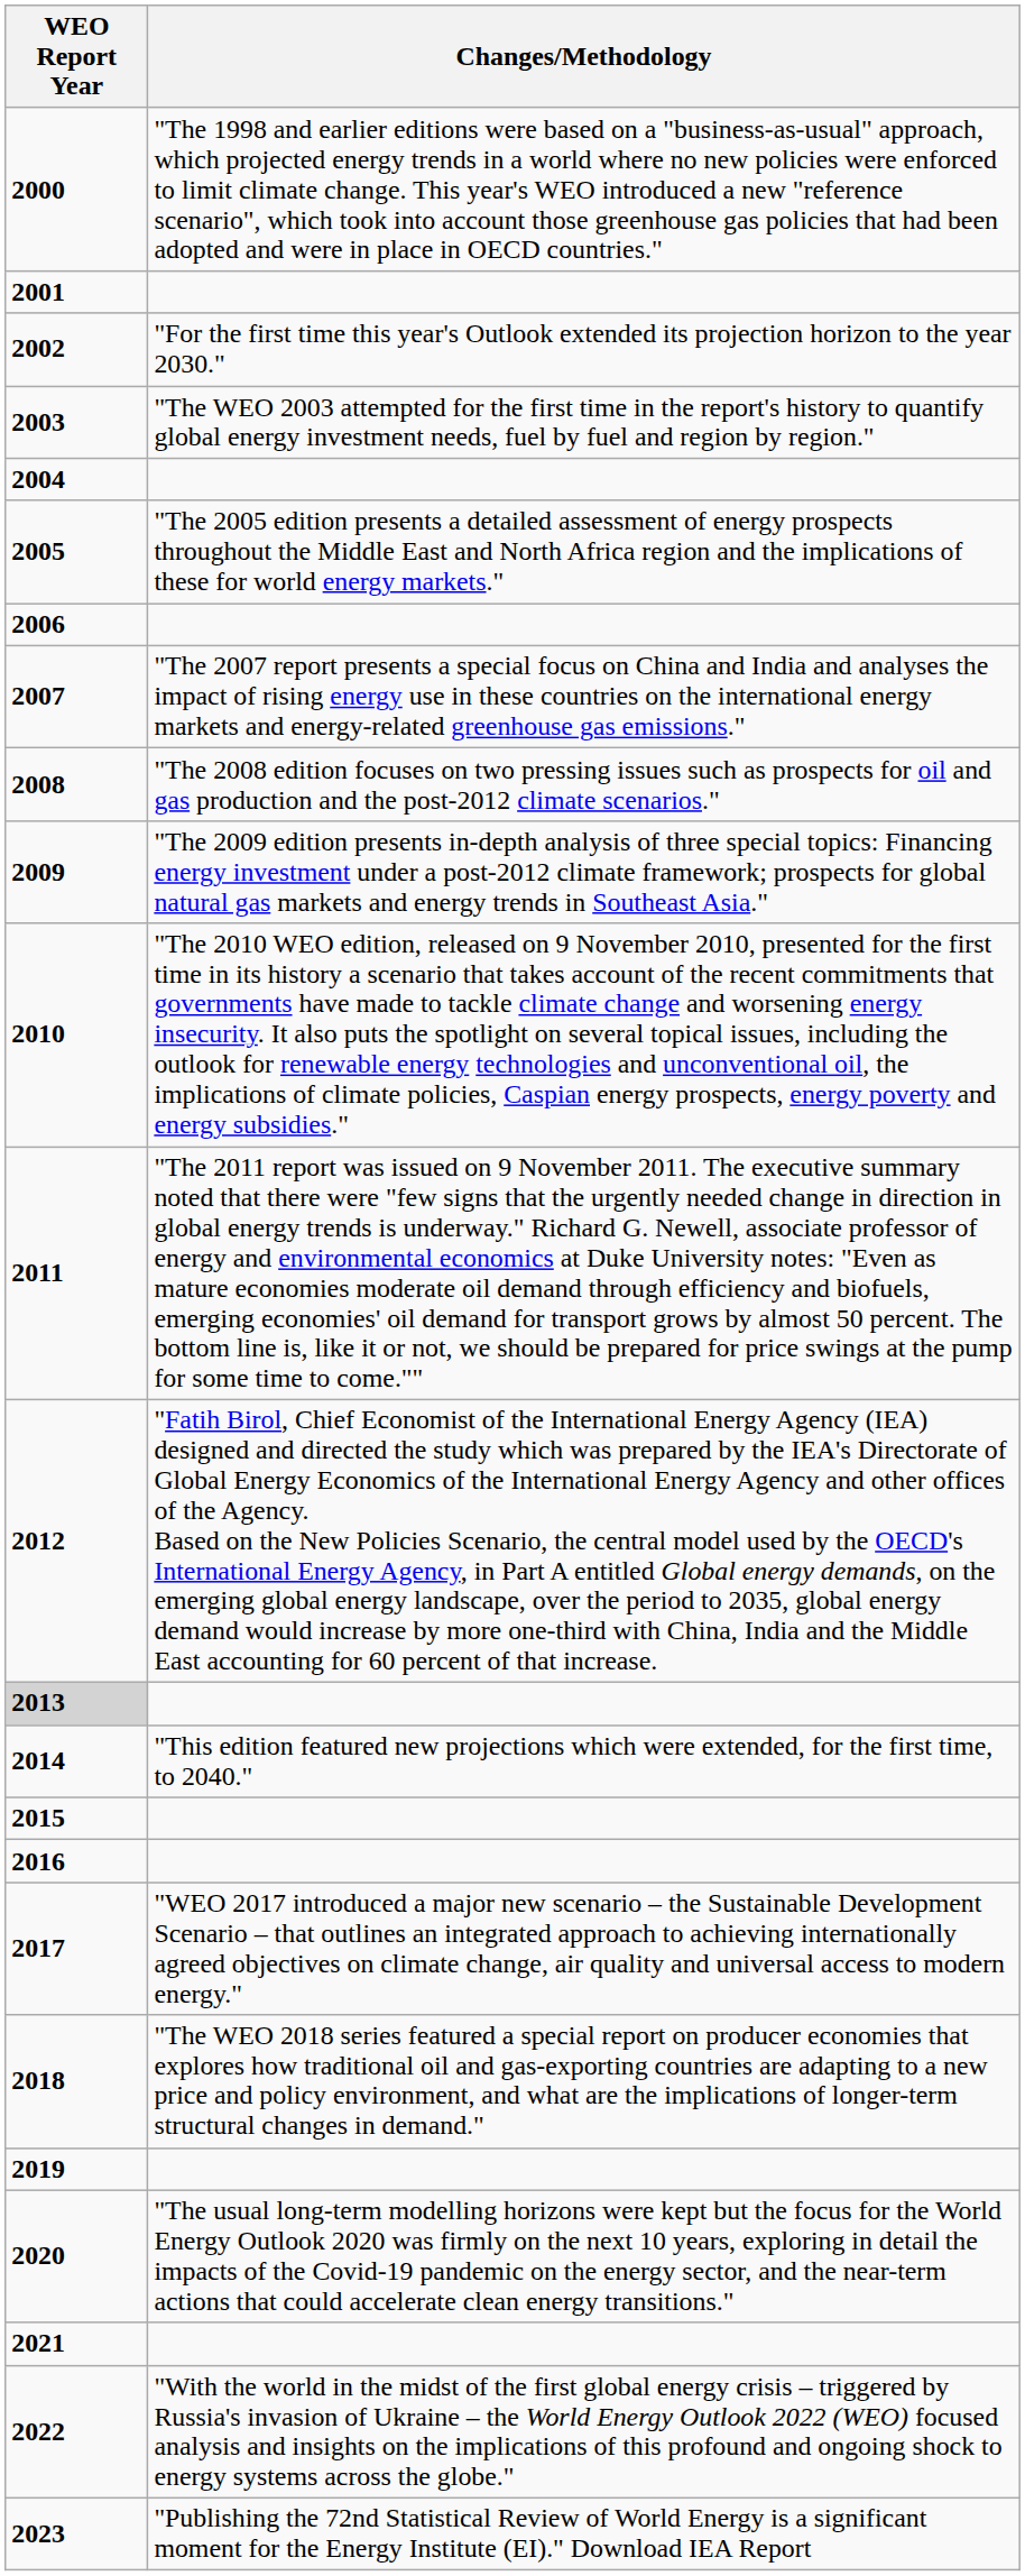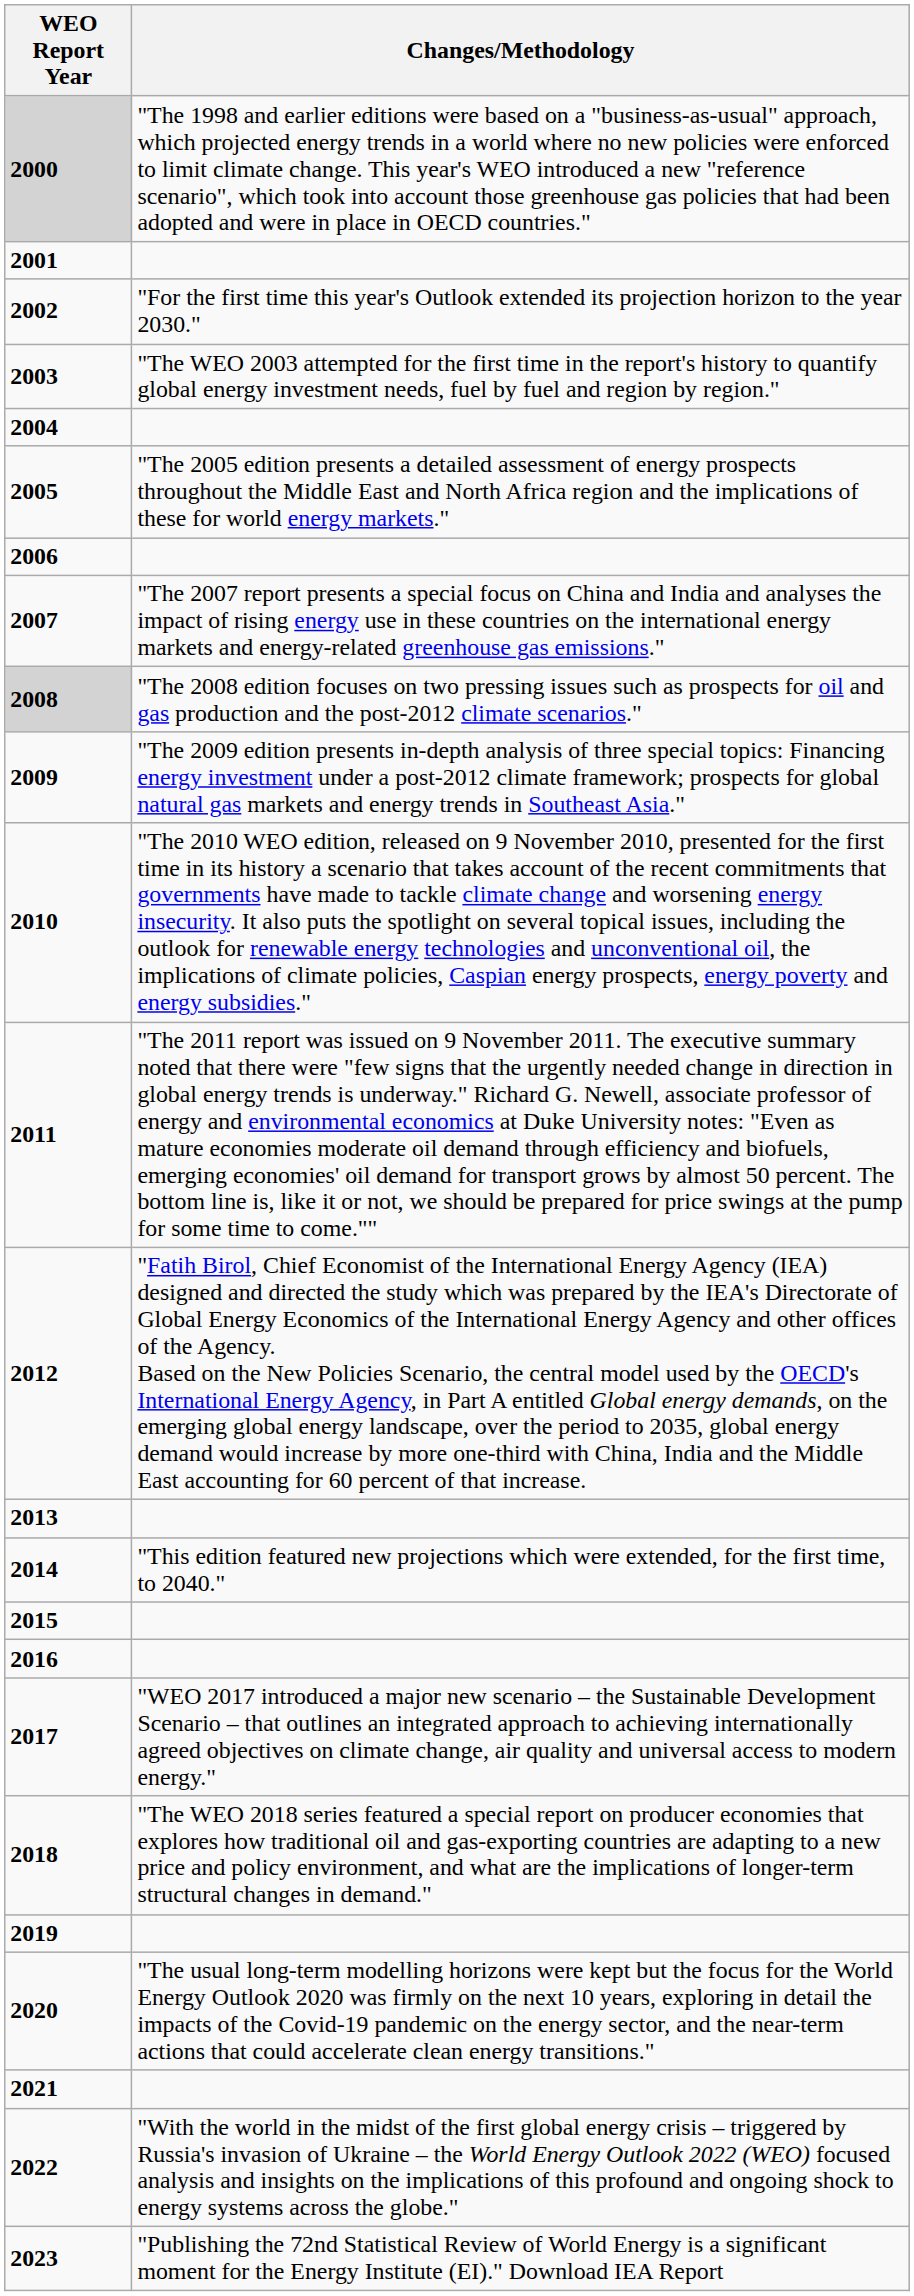 <table class="wikitable">
 <tr>
 <th scope="col" style="width: 100px;">WEO Report Year</th>
 <th scope="col" style="width: 780px;">Changes/Methodology</th>
 </tr>
 <tr>
-<td><strong>2000</strong></td>
+<td style="background: lightgrey;"><strong>2000</strong></td>
 <td>"The 1998 and earlier editions were based on a  "business-as-usual" approach, which projected energy trends in a  world where no new policies were enforced to limit climate change. This  year's WEO introduced a new "reference scenario", which took into  account those greenhouse gas policies that had been adopted and were in place  in OECD countries."</td>
 </tr>
 <tr>
 <td><strong>2001</strong></td>
 <td></td>
 </tr>
 <tr>
 <td><strong>2002</strong></td>
 <td>"For the first time this year's Outlook extended its  projection horizon to the year 2030."</td>
 </tr>
 <tr>
 <td><strong>2003</strong></td>
 <td>"The WEO 2003 attempted for the first time in the report's  history to quantify global energy investment needs, fuel by fuel and region  by region."</td>
 </tr>
 <tr>
 <td><strong>2004</strong></td>
 <td></td>
 </tr>
 <tr>
 <td><strong>2005</strong></td>
 <td>"The 2005 edition presents a detailed assessment of  energy prospects throughout the Middle East and North Africa region and the  implications of these for world <a href='#'>energy markets</a>."</td>
 </tr>
 <tr>
 <td><strong>2006</strong></td>
 <td></td>
 </tr>
 <tr>
 <td><strong>2007</strong></td>
 <td>"The 2007 report presents a special focus on China and  India and analyses the impact of rising <a href='#'>energy</a> use in these  countries on the international energy markets and energy-related <a href='#'>greenhouse gas emissions</a>."</td>
 </tr>
 <tr>
-<td><strong>2008</strong></td>
+<td style="background: lightgrey;"><strong>2008</strong></td>
 <td>"The 2008 edition focuses on two pressing issues such as  prospects for <a href='#'>oil</a> and <a href='#'>gas</a> production and the post-2012 <a href='#'>climate scenarios</a>."</td>
 </tr>
 <tr>
 <td><strong>2009</strong></td>
 <td>"The 2009 edition presents in-depth analysis of three  special topics: Financing <a href='#'>energy investment</a> under a post-2012 climate framework; prospects for  global <a href='#'>natural gas</a> markets  and energy trends in <a href='#'>Southeast Asia</a>."</td>
 </tr>
 <tr>
 <td><strong>2010</strong></td>
 <td>"The 2010 WEO edition, released on 9 November 2010,  presented for the first time in its history a scenario that takes account of  the recent commitments that <a href='#'>governments</a> have  made to tackle <a href='#'>climate change</a> and  worsening <a href='#'>energy insecurity</a>. It also puts the spotlight on several topical issues,  including the outlook for <a href='#'>renewable energy</a> <a href='#'>technologies</a> and <a href='#'>unconventional oil</a>, the implications of climate policies, <a href='#'>Caspian</a> energy  prospects, <a href='#'>energy poverty</a> and <a href='#'>energy subsidies</a>."</td>
 </tr>
 <tr>
 <td><strong>2011</strong></td>
 <td>"The 2011  report was issued on 9 November 2011. The  executive summary noted that there were "few signs that the urgently needed change in direction in global energy trends is underway." Richard G. Newell, associate professor of energy and <a href='#'>environmental economics</a> at Duke University notes: "Even as mature  economies moderate oil demand through efficiency and biofuels, emerging  economies' oil demand for transport grows by almost 50 percent. The bottom  line is, like it or not, we should be prepared for price swings at the pump  for some time to come.""</td>
 </tr>
 <tr>
 <td><strong>2012</strong></td>
 <td>"<a href='#'>Fatih Birol</a>, Chief Economist of the International Energy  Agency (IEA) designed and directed the study which was prepared by the IEA's  Directorate of Global Energy Economics of the International Energy Agency and  other offices of the Agency.<br>Based on the New Policies Scenario, the central model used by  the <a href='#'>OECD</a>'s <a href='#'>International Energy Agency</a>, in Part  A entitled <em>Global energy demands</em>, on the emerging global energy  landscape, over the period to 2035, global energy demand would increase by  more one-third with China, India and the Middle East accounting for 60  percent of that increase.</td>
 </tr>
 <tr>
-<td style="background: lightgrey;"><strong>2013</strong></td>
+<td><strong>2013</strong></td>
 <td></td>
 </tr>
 <tr>
 <td><strong>2014</strong></td>
 <td>"This edition featured new projections which were extended,  for the first time, to 2040."</td>
 </tr>
 <tr>
 <td><strong>2015</strong></td>
 <td></td>
 </tr>
 <tr>
 <td><strong>2016</strong></td>
 <td></td>
 </tr>
 <tr>
 <td><strong>2017</strong></td>
 <td>"WEO 2017 introduced a major new scenario – the Sustainable  Development Scenario – that outlines an integrated approach to achieving  internationally agreed objectives on climate change, air quality and  universal access to modern energy."</td>
 </tr>
 <tr>
 <td><strong>2018</strong></td>
 <td>"The WEO 2018 series featured a special report on producer  economies that explores how traditional oil and gas-exporting countries are  adapting to a new price and policy environment, and what are the implications  of longer-term structural changes in demand."</td>
 </tr>
 <tr>
 <td><strong>2019</strong></td>
 <td></td>
 </tr>
 <tr>
 <td><strong>2020</strong></td>
 <td>"The usual long-term modelling horizons were kept but the  focus for the World Energy Outlook 2020 was firmly on the next 10 years,  exploring in detail the impacts of the Covid-19 pandemic on the energy  sector, and the near-term actions that could accelerate clean energy  transitions."</td>
 </tr>
 <tr>
 <td><strong>2021</strong></td>
 <td></td>
 </tr>
 <tr>
 <td><strong>2022</strong></td>
 <td>"With the world in the midst of the first global energy  crisis – triggered by Russia's invasion of Ukraine – the <em>World Energy Outlook 2022  (WEO)</em> focused analysis and insights on the implications of  this profound and ongoing shock to energy systems across the globe."</td>
 </tr>
 <tr>
 <td><strong>2023</strong></td>
 <td>"Publishing the 72nd Statistical Review of World Energy is a significant moment for the Energy Institute (EI)." Download IEA Report</td>
 </tr>
 </table>
